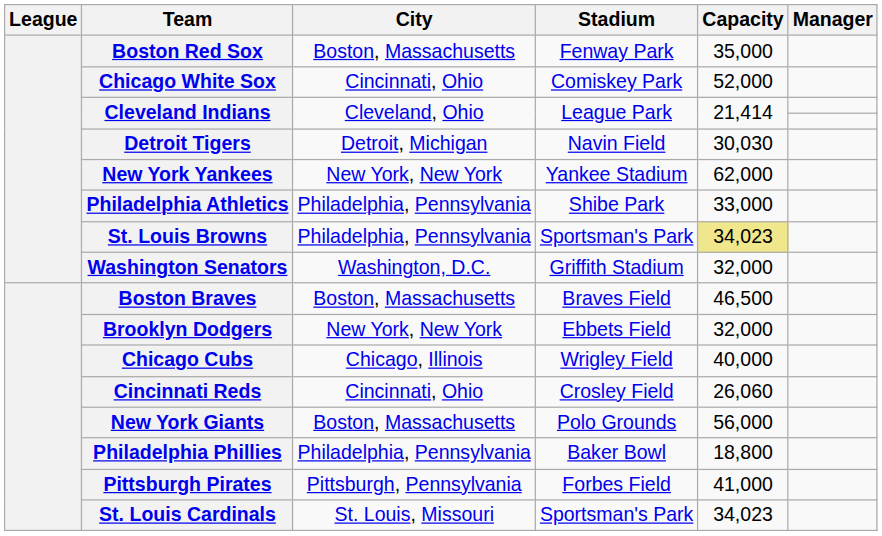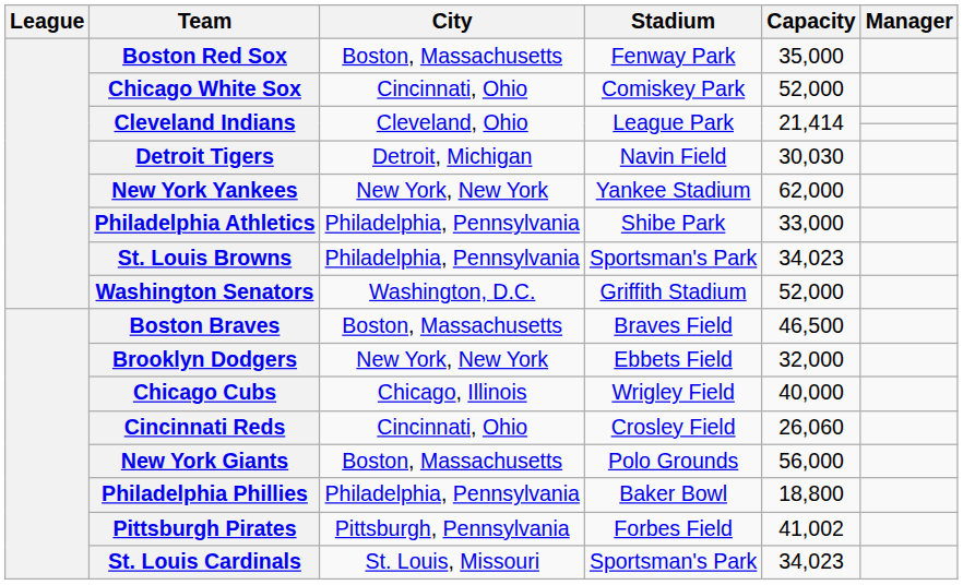 <table class="wikitable sortable plainrowheaders" style="text-align:center;">
 <tr>
 <th scope="col">League</th>
 <th scope="col">Team</th>
 <th scope="col">City</th>
 <th scope="col">Stadium</th>
 <th scope="col">Capacity</th>
 <th scope="col">Manager</th>
 </tr>
 <tr>
 <th rowspan="9"></th>
 <th scope="row"><a href='#'>Boston Red Sox</a></th>
 <td><a href='#'>Boston</a>, <a href='#'>Massachusetts</a></td>
 <td><a href='#'>Fenway Park</a></td>
 <td>35,000</td>
 <td></td>
 </tr>
 <tr>
 <th scope="row"><a href='#'>Chicago White Sox</a></th>
 <td><a href='#'>Cincinnati</a>, <a href='#'>Ohio</a></td>
 <td><a href='#'>Comiskey Park</a></td>
 <td>52,000</td>
 <td></td>
 </tr>
 <tr>
 <th rowspan="2" scope="row"><a href='#'>Cleveland Indians</a></th>
 <td rowspan="2"><a href='#'>Cleveland</a>, <a href='#'>Ohio</a></td>
 <td rowspan="2"><a href='#'>League Park</a></td>
 <td rowspan="2">21,414</td>
 <td></td>
 </tr>
 <tr>
 <td></td>
 </tr>
 <tr>
 <th scope="row"><a href='#'>Detroit Tigers</a></th>
 <td><a href='#'>Detroit</a>, <a href='#'>Michigan</a></td>
 <td><a href='#'>Navin Field</a></td>
 <td>30,030</td>
 <td></td>
 </tr>
 <tr>
 <th scope="row"><a href='#'>New York Yankees</a></th>
 <td><a href='#'>New York</a>, <a href='#'>New York</a></td>
 <td><a href='#'>Yankee Stadium</a></td>
 <td>62,000</td>
 <td></td>
 </tr>
 <tr>
 <th scope="row"><a href='#'>Philadelphia Athletics</a></th>
 <td><a href='#'>Philadelphia</a>, <a href='#'>Pennsylvania</a></td>
 <td><a href='#'>Shibe Park</a></td>
 <td>33,000</td>
 <td></td>
 </tr>
 <tr>
 <th scope="row"><a href='#'>St. Louis Browns</a></th>
 <td><a href='#'>Philadelphia</a>, <a href='#'>Pennsylvania</a></td>
 <td><a href='#'>Sportsman's Park</a></td>
-<td style="background: khaki;">34,023</td>
+<td>34,023</td>
 <td></td>
 </tr>
 <tr>
 <th scope="row"><a href='#'>Washington Senators</a></th>
 <td><a href='#'>Washington, D.C.</a></td>
 <td><a href='#'>Griffith Stadium</a></td>
-<td>32,000</td>
+<td>52,000</td>
 <td></td>
 </tr>
 <tr>
 <th rowspan="8"></th>
 <th scope="row"><a href='#'>Boston Braves</a></th>
 <td><a href='#'>Boston</a>, <a href='#'>Massachusetts</a></td>
 <td><a href='#'>Braves Field</a></td>
 <td>46,500</td>
 <td></td>
 </tr>
 <tr>
 <th scope="row"><a href='#'>Brooklyn Dodgers</a></th>
 <td><a href='#'>New York</a>, <a href='#'>New York</a></td>
 <td><a href='#'>Ebbets Field</a></td>
 <td>32,000</td>
 <td></td>
 </tr>
 <tr>
 <th scope="row"><a href='#'>Chicago Cubs</a></th>
 <td><a href='#'>Chicago</a>, <a href='#'>Illinois</a></td>
 <td><a href='#'>Wrigley Field</a></td>
 <td>40,000</td>
 <td></td>
 </tr>
 <tr>
 <th scope="row"><a href='#'>Cincinnati Reds</a></th>
 <td><a href='#'>Cincinnati</a>, <a href='#'>Ohio</a></td>
 <td><a href='#'>Crosley Field</a></td>
 <td>26,060</td>
 <td></td>
 </tr>
 <tr>
 <th scope="row"><a href='#'>New York Giants</a></th>
 <td><a href='#'>Boston</a>, <a href='#'>Massachusetts</a></td>
 <td><a href='#'>Polo Grounds</a></td>
 <td>56,000</td>
 <td></td>
 </tr>
 <tr>
 <th scope="row"><a href='#'>Philadelphia Phillies</a></th>
 <td><a href='#'>Philadelphia</a>, <a href='#'>Pennsylvania</a></td>
 <td><a href='#'>Baker Bowl</a></td>
 <td>18,800</td>
 <td></td>
 </tr>
 <tr>
 <th scope="row"><a href='#'>Pittsburgh Pirates</a></th>
 <td><a href='#'>Pittsburgh</a>, <a href='#'>Pennsylvania</a></td>
 <td><a href='#'>Forbes Field</a></td>
-<td>41,000</td>
+<td>41,002</td>
 <td></td>
 </tr>
 <tr>
 <th scope="row"><a href='#'>St. Louis Cardinals</a></th>
 <td><a href='#'>St. Louis</a>, <a href='#'>Missouri</a></td>
 <td><a href='#'>Sportsman's Park</a></td>
 <td>34,023</td>
 <td></td>
 </tr>
 </table>
